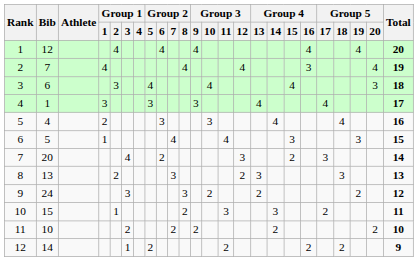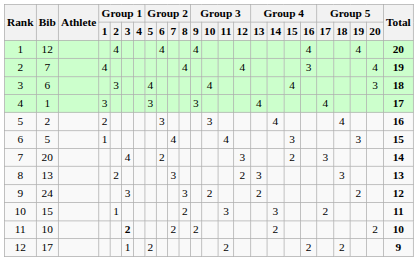 <table class="wikitable" style="text-align:center;">
 <tr>
 <th rowspan=2>Rank</th>
 <th rowspan=2>Bib</th>
 <th rowspan=2>Athlete</th>
 <th colspan=4>Group 1</th>
 <th colspan=4>Group 2</th>
 <th colspan=4>Group 3</th>
 <th colspan=4>Group 4</th>
 <th colspan=4>Group 5</th>
 <th rowspan=2>Total</th>
 </tr>
 <tr>
 <th>1</th>
 <th>2</th>
 <th>3</th>
 <th>4</th>
 <th>5</th>
 <th>6</th>
 <th>7</th>
 <th>8</th>
 <th>9</th>
 <th>10</th>
 <th>11</th>
 <th>12</th>
 <th>13</th>
 <th>14</th>
 <th>15</th>
 <th>16</th>
 <th>17</th>
 <th>18</th>
 <th>19</th>
 <th>20</th>
 </tr>
 <tr bgcolor=ccffcc>
 <td>1</td>
 <td>12</td>
 <td align=left></td>
 <td></td>
 <td>4</td>
 <td></td>
 <td></td>
 <td></td>
 <td>4</td>
 <td></td>
 <td></td>
 <td>4</td>
 <td></td>
 <td></td>
 <td></td>
 <td></td>
 <td></td>
 <td></td>
 <td>4</td>
 <td></td>
 <td></td>
 <td>4</td>
 <td></td>
 <td><strong>20</strong></td>
 </tr>
 <tr bgcolor=ccffcc>
 <td>2</td>
 <td>7</td>
 <td align=left></td>
 <td>4</td>
 <td></td>
 <td></td>
 <td></td>
 <td></td>
 <td></td>
 <td></td>
 <td>4</td>
 <td></td>
 <td></td>
 <td></td>
 <td>4</td>
 <td></td>
 <td></td>
 <td></td>
 <td>3</td>
 <td></td>
 <td></td>
 <td></td>
 <td>4</td>
 <td><strong>19</strong></td>
 </tr>
 <tr bgcolor=ccffcc>
 <td>3</td>
 <td>6</td>
 <td align=left></td>
 <td></td>
 <td>3</td>
 <td></td>
 <td></td>
 <td>4</td>
 <td></td>
 <td></td>
 <td></td>
 <td></td>
 <td>4</td>
 <td></td>
 <td></td>
 <td></td>
 <td></td>
 <td>4</td>
 <td></td>
 <td></td>
 <td></td>
 <td></td>
 <td>3</td>
 <td><strong>18</strong></td>
 </tr>
 <tr bgcolor=ccffcc>
 <td>4</td>
 <td>1</td>
 <td align=left></td>
 <td>3</td>
 <td></td>
 <td></td>
 <td></td>
 <td>3</td>
 <td></td>
 <td></td>
 <td></td>
 <td>3</td>
 <td></td>
 <td></td>
 <td></td>
 <td>4</td>
 <td></td>
 <td></td>
 <td></td>
 <td>4</td>
 <td></td>
 <td></td>
 <td></td>
 <td><strong>17</strong></td>
 </tr>
 <tr>
 <td>5</td>
-<td>4</td>
+<td>2</td>
 <td align=left></td>
 <td>2</td>
 <td></td>
 <td></td>
 <td></td>
 <td></td>
 <td>3</td>
 <td></td>
 <td></td>
 <td></td>
 <td>3</td>
 <td></td>
 <td></td>
 <td></td>
 <td>4</td>
 <td></td>
 <td></td>
 <td></td>
 <td>4</td>
 <td></td>
 <td></td>
 <td><strong>16</strong></td>
 </tr>
 <tr>
 <td>6</td>
 <td>5</td>
 <td align=left></td>
 <td>1</td>
 <td></td>
 <td></td>
 <td></td>
 <td></td>
 <td></td>
 <td>4</td>
 <td></td>
 <td></td>
 <td></td>
 <td>4</td>
 <td></td>
 <td></td>
 <td></td>
 <td>3</td>
 <td></td>
 <td></td>
 <td></td>
 <td>3</td>
 <td></td>
 <td><strong>15</strong></td>
 </tr>
 <tr>
 <td>7</td>
 <td>20</td>
 <td align=left></td>
 <td></td>
 <td></td>
 <td>4</td>
 <td></td>
 <td></td>
 <td>2</td>
 <td></td>
 <td></td>
 <td></td>
 <td></td>
 <td></td>
 <td>3</td>
 <td></td>
 <td></td>
 <td>2</td>
 <td></td>
 <td>3</td>
 <td></td>
 <td></td>
 <td></td>
 <td><strong>14</strong></td>
 </tr>
 <tr>
 <td>8</td>
 <td>13</td>
 <td align=left></td>
 <td></td>
 <td>2</td>
 <td></td>
 <td></td>
 <td></td>
 <td></td>
 <td>3</td>
 <td></td>
 <td></td>
 <td></td>
 <td></td>
 <td>2</td>
 <td>3</td>
 <td></td>
 <td></td>
 <td></td>
 <td></td>
 <td>3</td>
 <td></td>
 <td></td>
 <td><strong>13</strong></td>
 </tr>
 <tr>
 <td>9</td>
 <td>24</td>
 <td align=left></td>
 <td></td>
 <td></td>
 <td>3</td>
 <td></td>
 <td></td>
 <td></td>
 <td></td>
 <td>3</td>
 <td></td>
 <td>2</td>
 <td></td>
 <td></td>
 <td>2</td>
 <td></td>
 <td></td>
 <td></td>
 <td></td>
 <td></td>
 <td>2</td>
 <td></td>
 <td><strong>12</strong></td>
 </tr>
 <tr>
 <td>10</td>
 <td>15</td>
 <td align=left></td>
 <td></td>
 <td>1</td>
 <td></td>
 <td></td>
 <td></td>
 <td></td>
 <td></td>
 <td>2</td>
 <td></td>
 <td></td>
 <td>3</td>
 <td></td>
 <td></td>
 <td>3</td>
 <td></td>
 <td></td>
 <td>2</td>
 <td></td>
 <td></td>
 <td></td>
 <td><strong>11</strong></td>
 </tr>
 <tr>
 <td>11</td>
 <td>10</td>
 <td align=left></td>
 <td></td>
 <td></td>
-<td>2</td>
+<td><strong>2</strong></td>
 <td></td>
 <td></td>
 <td></td>
 <td>2</td>
 <td></td>
 <td>2</td>
 <td></td>
 <td></td>
 <td></td>
 <td></td>
 <td>2</td>
 <td></td>
 <td></td>
 <td></td>
 <td></td>
 <td></td>
 <td>2</td>
 <td><strong>10</strong></td>
 </tr>
 <tr>
 <td>12</td>
-<td>14</td>
+<td>17</td>
 <td align=left></td>
 <td></td>
 <td></td>
 <td>1</td>
 <td></td>
 <td>2</td>
 <td></td>
 <td></td>
 <td></td>
 <td></td>
 <td></td>
 <td>2</td>
 <td></td>
 <td></td>
 <td></td>
 <td></td>
 <td>2</td>
 <td></td>
 <td>2</td>
 <td></td>
 <td></td>
 <td><strong>9</strong></td>
 </tr>
 </table>
